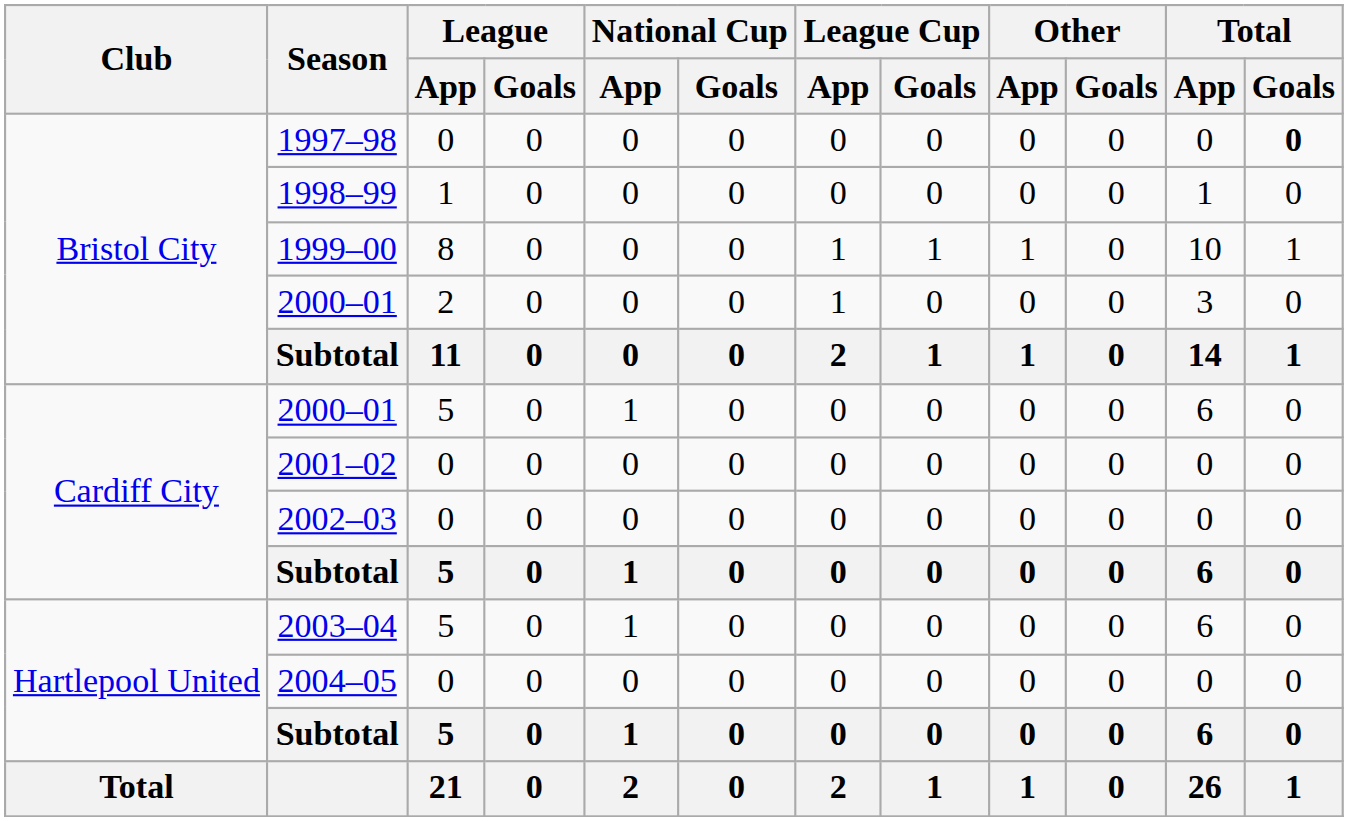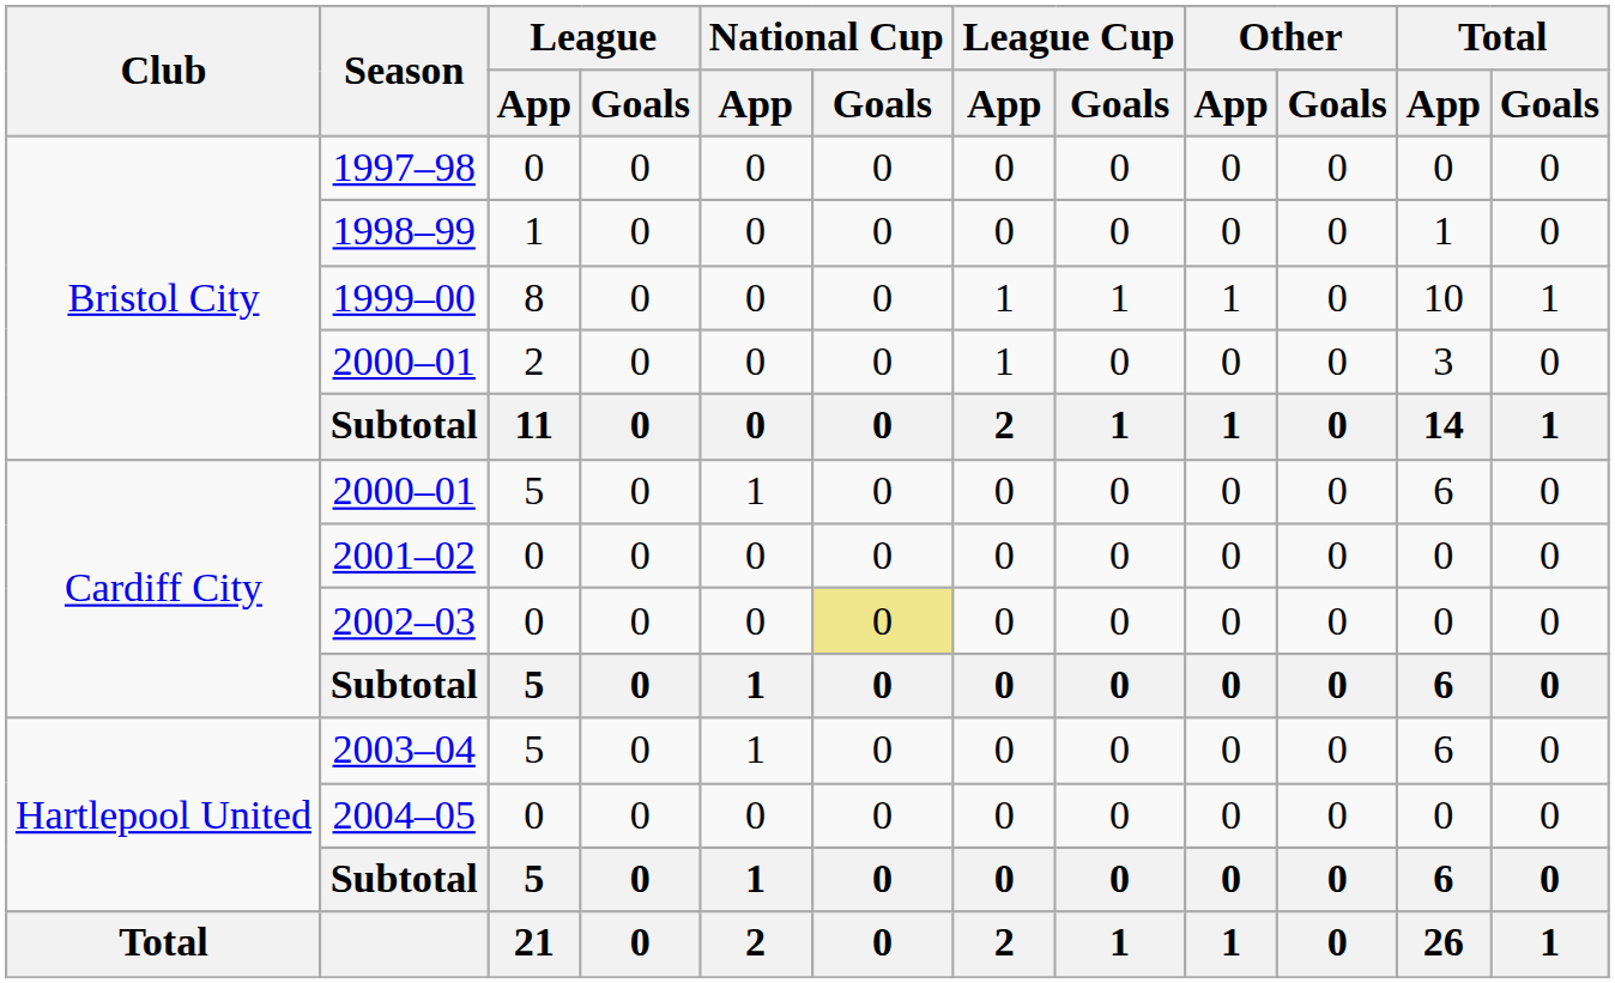 <table class="wikitable">
 <tr>
 <th rowspan=2>Club</th>
 <th rowspan=2>Season</th>
 <th colspan=2>League</th>
 <th colspan=2>National Cup</th>
 <th colspan=2>League Cup</th>
 <th colspan=2>Other</th>
 <th colspan=2>Total</th>
 </tr>
 <tr>
 <th>App</th>
 <th>Goals</th>
 <th>App</th>
 <th>Goals</th>
 <th>App</th>
 <th>Goals</th>
 <th>App</th>
 <th>Goals</th>
 <th>App</th>
 <th>Goals</th>
 </tr>
 <tr align=center>
 <td rowspan=5><a href='#'>Bristol City</a></td>
 <td><a href='#'>1997–98</a></td>
 <td>0</td>
 <td>0</td>
 <td>0</td>
 <td>0</td>
 <td>0</td>
 <td>0</td>
 <td>0</td>
 <td>0</td>
 <td>0</td>
-<td><strong>0</strong></td>
+<td>0</td>
 </tr>
 <tr align=center>
 <td><a href='#'>1998–99</a></td>
 <td>1</td>
 <td>0</td>
 <td>0</td>
 <td>0</td>
 <td>0</td>
 <td>0</td>
 <td>0</td>
 <td>0</td>
 <td>1</td>
 <td>0</td>
 </tr>
 <tr align=center>
 <td><a href='#'>1999–00</a></td>
 <td>8</td>
 <td>0</td>
 <td>0</td>
 <td>0</td>
 <td>1</td>
 <td>1</td>
 <td>1</td>
 <td>0</td>
 <td>10</td>
 <td>1</td>
 </tr>
 <tr align=center>
 <td><a href='#'>2000–01</a></td>
 <td>2</td>
 <td>0</td>
 <td>0</td>
 <td>0</td>
 <td>1</td>
 <td>0</td>
 <td>0</td>
 <td>0</td>
 <td>3</td>
 <td>0</td>
 </tr>
 <tr align=center>
 <th>Subtotal</th>
 <th>11</th>
 <th>0</th>
 <th>0</th>
 <th>0</th>
 <th>2</th>
 <th>1</th>
 <th>1</th>
 <th>0</th>
 <th>14</th>
 <th>1</th>
 </tr>
 <tr align=center>
 <td rowspan=4><a href='#'>Cardiff City</a></td>
 <td><a href='#'>2000–01</a></td>
 <td>5</td>
 <td>0</td>
 <td>1</td>
 <td>0</td>
 <td>0</td>
 <td>0</td>
 <td>0</td>
 <td>0</td>
 <td>6</td>
 <td>0</td>
 </tr>
 <tr align=center>
 <td><a href='#'>2001–02</a></td>
 <td>0</td>
 <td>0</td>
 <td>0</td>
 <td>0</td>
 <td>0</td>
 <td>0</td>
 <td>0</td>
 <td>0</td>
 <td>0</td>
 <td>0</td>
 </tr>
 <tr align=center>
 <td><a href='#'>2002–03</a></td>
 <td>0</td>
 <td>0</td>
 <td>0</td>
-<td>0</td>
+<td style="background: khaki;">0</td>
 <td>0</td>
 <td>0</td>
 <td>0</td>
 <td>0</td>
 <td>0</td>
 <td>0</td>
 </tr>
 <tr align=center>
 <th>Subtotal</th>
 <th>5</th>
 <th>0</th>
 <th>1</th>
 <th>0</th>
 <th>0</th>
 <th>0</th>
 <th>0</th>
 <th>0</th>
 <th>6</th>
 <th>0</th>
 </tr>
 <tr align=center>
 <td rowspan=3><a href='#'>Hartlepool United</a></td>
 <td><a href='#'>2003–04</a></td>
 <td>5</td>
 <td>0</td>
 <td>1</td>
 <td>0</td>
 <td>0</td>
 <td>0</td>
 <td>0</td>
 <td>0</td>
 <td>6</td>
 <td>0</td>
 </tr>
 <tr align=center>
 <td><a href='#'>2004–05</a></td>
 <td>0</td>
 <td>0</td>
 <td>0</td>
 <td>0</td>
 <td>0</td>
 <td>0</td>
 <td>0</td>
 <td>0</td>
 <td>0</td>
 <td>0</td>
 </tr>
 <tr align=center>
 <th>Subtotal</th>
 <th>5</th>
 <th>0</th>
 <th>1</th>
 <th>0</th>
 <th>0</th>
 <th>0</th>
 <th>0</th>
 <th>0</th>
 <th>6</th>
 <th>0</th>
 </tr>
 <tr align=center>
 <th>Total</th>
 <th></th>
 <th>21</th>
 <th>0</th>
 <th>2</th>
 <th>0</th>
 <th>2</th>
 <th>1</th>
 <th>1</th>
 <th>0</th>
 <th>26</th>
 <th>1</th>
 </tr>
 <tr>
 </tr>
 </table>
